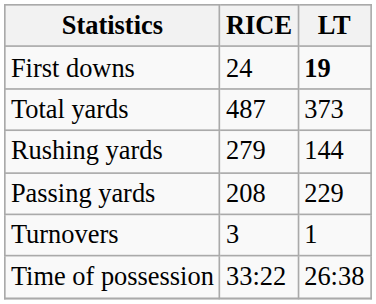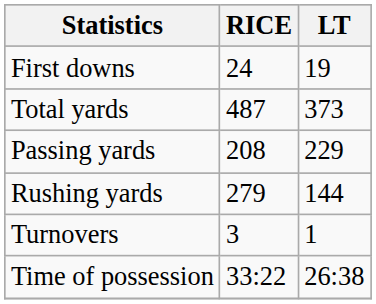 <table class="wikitable">
 <tr>
 <th>Statistics</th>
 <th>RICE</th>
 <th>LT</th>
 </tr>
 <tr>
 <td>First downs</td>
 <td>24</td>
-<td><strong>19</strong></td>
+<td>19</td>
 </tr>
 <tr>
 <td>Total yards</td>
 <td>487</td>
 <td>373</td>
 </tr>
 <tr>
+<td>Passing yards</td>
+<td>208</td>
+<td>229</td>
+</tr>
+<tr>
 <td>Rushing yards</td>
 <td>279</td>
 <td>144</td>
-</tr>
-<tr>
-<td>Passing yards</td>
-<td>208</td>
-<td>229</td>
 </tr>
 <tr>
 <td>Turnovers</td>
 <td>3</td>
 <td>1</td>
 </tr>
 <tr>
 <td>Time of possession</td>
 <td>33:22</td>
 <td>26:38</td>
 </tr>
 <tr>
 </tr>
 </table>
